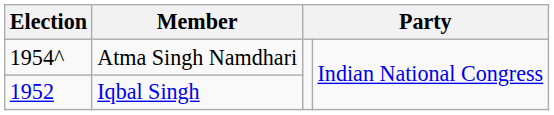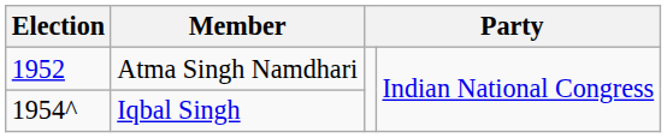 <table class="wikitable sortable">
 <tr>
 <th>Election</th>
 <th>Member</th>
 <th colspan="2">Party</th>
 </tr>
 <tr>
-<td>1954^</td>
+<td><a href='#'>1952</a></td>
 <td>Atma Singh Namdhari</td>
 <td rowspan="2" style="background-color: "></td>
 <td rowspan="2"><a href='#'>Indian National Congress</a></td>
 </tr>
 <tr>
-<td><a href='#'>1952</a></td>
+<td>1954^</td>
 <td><a href='#'>Iqbal Singh</a></td>
 </tr>
 </table>
